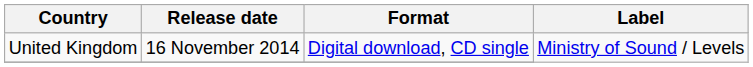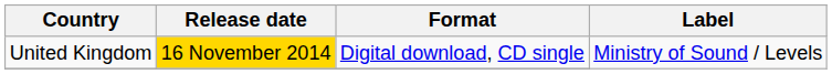 <table class="wikitable plainrowheaders">
 <tr>
 <th scope="col">Country</th>
 <th scope="col">Release date</th>
 <th scope="col">Format</th>
 <th scope="col">Label</th>
 </tr>
 <tr>
 <td>United Kingdom</td>
-<td>16 November 2014</td>
+<td style="background: gold;">16 November 2014</td>
 <td><a href='#'>Digital download</a>, <a href='#'>CD single</a></td>
 <td rowspan="2"><a href='#'>Ministry of Sound</a> / Levels</td>
 </tr>
 <tr>
 </tr>
 </table>
